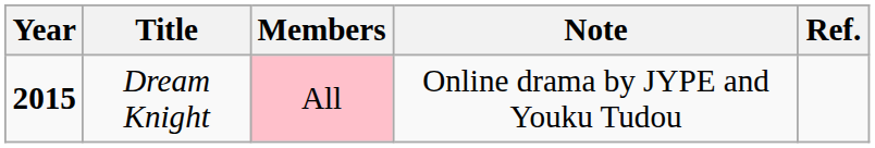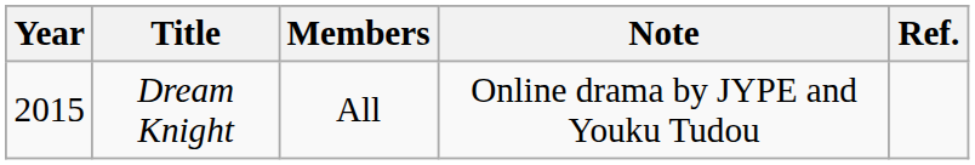 <table class="wikitable" style="text-align:center; font-size:100%; width:70%">
 <tr>
 <th>Year</th>
 <th>Title</th>
 <th>Members</th>
 <th>Note</th>
 <th>Ref.</th>
 </tr>
 <tr>
-<td><strong>2015</strong></td>
+<td>2015</td>
 <td><em>Dream Knight</em></td>
-<td style="background: pink;">All</td>
+<td>All</td>
 <td>Online drama by JYPE and Youku Tudou</td>
 <td></td>
 </tr>
 </table>
